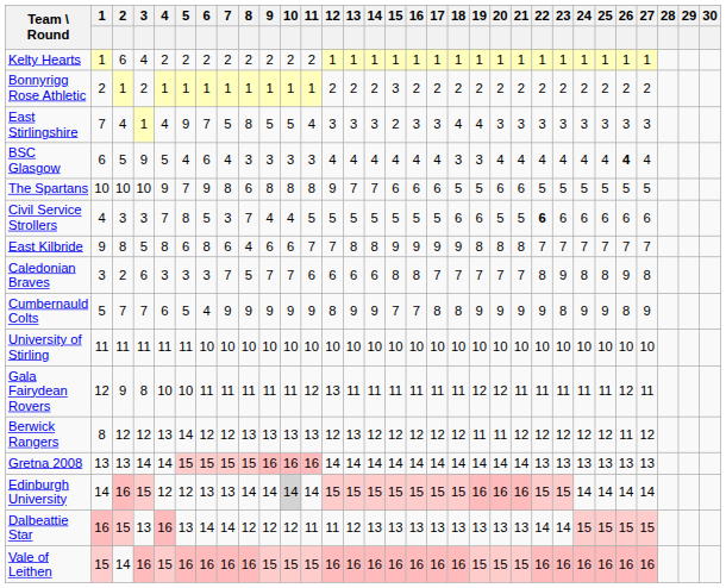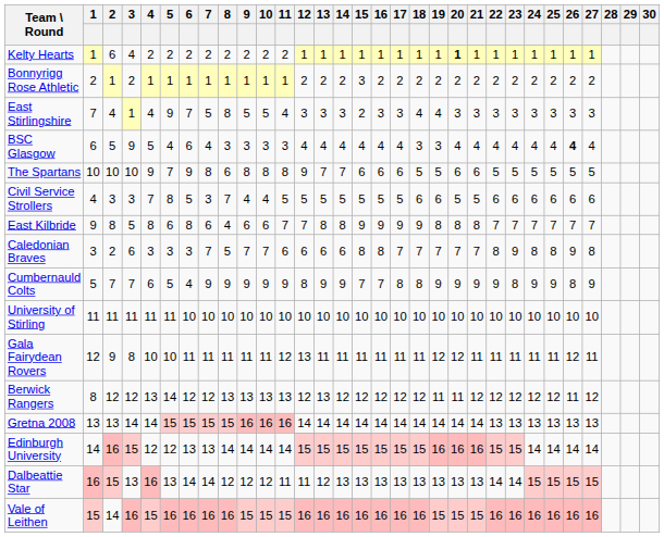 <table class="wikitable sortable" style="font-size: 100%; text-align:center;">
 <tr>
 <th rowspan="2">Team \ Round</th>
 <th align=center>1</th>
 <th align=center>2</th>
 <th align=center>3</th>
 <th align=center>4</th>
 <th align=center>5</th>
 <th align=center>6</th>
 <th align=center>7</th>
 <th align=center>8</th>
 <th align=center>9</th>
 <th align=center>10</th>
 <th align=center>11</th>
 <th align=center>12</th>
 <th align=center>13</th>
 <th align=center>14</th>
 <th align=center>15</th>
 <th align=center>16</th>
 <th align=center>17</th>
 <th align=center>18</th>
 <th align=center>19</th>
 <th align=center>20</th>
 <th align=center>21</th>
 <th align=center>22</th>
 <th align=center>23</th>
 <th align=center>24</th>
 <th align=center>25</th>
 <th align=center>26</th>
 <th align=center>27</th>
 <th align=center>28</th>
 <th align=center>29</th>
 <th align=center>30</th>
 </tr>
 <tr>
 <th style="text-align:center; height:20px;"></th>
 <th align=center></th>
 <th align=center></th>
 <th align=center></th>
 <th align=center></th>
 <th align=center></th>
 <th align=center></th>
 <th align=center></th>
 <th align=center></th>
 <th align=center></th>
 <th align=center></th>
 <th align=center></th>
 <th align=center></th>
 <th align=center></th>
 <th align=center></th>
 <th align=center></th>
 <th align=center></th>
 <th align=center></th>
 <th align=center></th>
 <th align=center></th>
 <th align=center></th>
 <th align=center></th>
 <th align=center></th>
 <th align=center></th>
 <th align=center></th>
 <th align=center></th>
 <th align=center></th>
 <th align=center></th>
 <th align=center></th>
 <th align=center></th>
 </tr>
 <tr align="center">
 <td align="left"><a href='#'>Kelty Hearts</a></td>
 <td style="background:#FFFFBB">1</td>
 <td>6</td>
 <td>4</td>
 <td>2</td>
 <td>2</td>
 <td>2</td>
 <td>2</td>
 <td>2</td>
 <td>2</td>
 <td>2</td>
 <td>2</td>
 <td style="background:#FFFFBB">1</td>
 <td style="background:#FFFFBB">1</td>
 <td style="background:#FFFFBB">1</td>
 <td style="background:#FFFFBB">1</td>
 <td style="background:#FFFFBB">1</td>
 <td style="background:#FFFFBB">1</td>
 <td style="background:#FFFFBB">1</td>
 <td style="background:#FFFFBB">1</td>
-<td style="background:#FFFFBB">1</td>
+<td style="background:#FFFFBB"><strong>1</strong></td>
 <td style="background:#FFFFBB">1</td>
 <td style="background:#FFFFBB">1</td>
 <td style="background:#FFFFBB">1</td>
 <td style="background:#FFFFBB">1</td>
 <td style="background:#FFFFBB">1</td>
 <td style="background:#FFFFBB">1</td>
 <td style="background:#FFFFBB">1</td>
 <td></td>
 <td></td>
 <td></td>
 </tr>
 <tr align="center">
 <td align="left"><a href='#'>Bonnyrigg Rose Athletic</a></td>
 <td>2</td>
 <td style="background:#FFFFBB">1</td>
 <td>2</td>
 <td style="background:#FFFFBB">1</td>
 <td style="background:#FFFFBB">1</td>
 <td style="background:#FFFFBB">1</td>
 <td style="background:#FFFFBB">1</td>
 <td style="background:#FFFFBB">1</td>
 <td style="background:#FFFFBB">1</td>
 <td style="background:#FFFFBB">1</td>
 <td style="background:#FFFFBB">1</td>
 <td>2</td>
 <td>2</td>
 <td>2</td>
 <td>3</td>
 <td>2</td>
 <td>2</td>
 <td>2</td>
 <td>2</td>
 <td>2</td>
 <td>2</td>
 <td>2</td>
 <td>2</td>
 <td>2</td>
 <td>2</td>
 <td>2</td>
 <td>2</td>
 <td></td>
 <td></td>
 <td></td>
 </tr>
 <tr align="center">
 <td align="left"><a href='#'>East Stirlingshire</a></td>
 <td>7</td>
 <td>4</td>
 <td style="background:#FFFFBB">1</td>
 <td>4</td>
 <td>9</td>
 <td>7</td>
 <td>5</td>
 <td>8</td>
 <td>5</td>
 <td>5</td>
 <td>4</td>
 <td>3</td>
 <td>3</td>
 <td>3</td>
 <td>2</td>
 <td>3</td>
 <td>3</td>
 <td>4</td>
 <td>4</td>
 <td>3</td>
 <td>3</td>
 <td>3</td>
 <td>3</td>
 <td>3</td>
 <td>3</td>
 <td>3</td>
 <td>3</td>
 <td></td>
 <td></td>
 <td></td>
 </tr>
 <tr align="center">
 <td align="left"><a href='#'>BSC Glasgow</a></td>
 <td>6</td>
 <td>5</td>
 <td>9</td>
 <td>5</td>
 <td>4</td>
 <td>6</td>
 <td>4</td>
 <td>3</td>
 <td>3</td>
 <td>3</td>
 <td>3</td>
 <td>4</td>
 <td>4</td>
 <td>4</td>
 <td>4</td>
 <td>4</td>
 <td>4</td>
 <td>3</td>
 <td>3</td>
 <td>4</td>
 <td>4</td>
 <td>4</td>
 <td>4</td>
 <td>4</td>
 <td>4</td>
 <td><strong>4</strong></td>
 <td>4</td>
 <td></td>
 <td></td>
 <td></td>
 </tr>
 <tr align="center">
 <td align="left"><a href='#'>The Spartans</a></td>
 <td>10</td>
 <td>10</td>
 <td>10</td>
 <td>9</td>
 <td>7</td>
 <td>9</td>
 <td>8</td>
 <td>6</td>
 <td>8</td>
 <td>8</td>
 <td>8</td>
 <td>9</td>
 <td>7</td>
 <td>7</td>
 <td>6</td>
 <td>6</td>
 <td>6</td>
 <td>5</td>
 <td>5</td>
 <td>6</td>
 <td>6</td>
 <td>5</td>
 <td>5</td>
 <td>5</td>
 <td>5</td>
 <td>5</td>
 <td>5</td>
 <td></td>
 <td></td>
 <td></td>
 </tr>
 <tr align="center">
 <td align="left"><a href='#'>Civil Service Strollers</a></td>
 <td>4</td>
 <td>3</td>
 <td>3</td>
 <td>7</td>
 <td>8</td>
 <td>5</td>
 <td>3</td>
 <td>7</td>
 <td>4</td>
 <td>4</td>
 <td>5</td>
 <td>5</td>
 <td>5</td>
 <td>5</td>
 <td>5</td>
 <td>5</td>
 <td>5</td>
 <td>6</td>
 <td>6</td>
 <td>5</td>
 <td>5</td>
-<td><strong>6</strong></td>
+<td>6</td>
 <td>6</td>
 <td>6</td>
 <td>6</td>
 <td>6</td>
 <td>6</td>
 <td></td>
 <td></td>
 <td></td>
 </tr>
 <tr align="center">
 <td align="left"><a href='#'>East Kilbride</a></td>
 <td>9</td>
 <td>8</td>
 <td>5</td>
 <td>8</td>
 <td>6</td>
 <td>8</td>
 <td>6</td>
 <td>4</td>
 <td>6</td>
 <td>6</td>
 <td>7</td>
 <td>7</td>
 <td>8</td>
 <td>8</td>
 <td>9</td>
 <td>9</td>
 <td>9</td>
 <td>9</td>
 <td>8</td>
 <td>8</td>
 <td>8</td>
 <td>7</td>
 <td>7</td>
 <td>7</td>
 <td>7</td>
 <td>7</td>
 <td>7</td>
 <td></td>
 <td></td>
 <td></td>
 </tr>
 <tr align="center">
 <td align="left"><a href='#'>Caledonian Braves</a></td>
 <td>3</td>
 <td>2</td>
 <td>6</td>
 <td>3</td>
 <td>3</td>
 <td>3</td>
 <td>7</td>
 <td>5</td>
 <td>7</td>
 <td>7</td>
 <td>6</td>
 <td>6</td>
 <td>6</td>
 <td>6</td>
 <td>8</td>
 <td>8</td>
 <td>7</td>
 <td>7</td>
 <td>7</td>
 <td>7</td>
 <td>7</td>
 <td>8</td>
 <td>9</td>
 <td>8</td>
 <td>8</td>
 <td>9</td>
 <td>8</td>
 <td></td>
 <td></td>
 <td></td>
 </tr>
 <tr align="center">
 <td align="left"><a href='#'>Cumbernauld Colts</a></td>
 <td>5</td>
 <td>7</td>
 <td>7</td>
 <td>6</td>
 <td>5</td>
 <td>4</td>
 <td>9</td>
 <td>9</td>
 <td>9</td>
 <td>9</td>
 <td>9</td>
 <td>8</td>
 <td>9</td>
 <td>9</td>
 <td>7</td>
 <td>7</td>
 <td>8</td>
 <td>8</td>
 <td>9</td>
 <td>9</td>
 <td>9</td>
 <td>9</td>
 <td>8</td>
 <td>9</td>
 <td>9</td>
 <td>8</td>
 <td>9</td>
 <td></td>
 <td></td>
 <td></td>
 </tr>
 <tr align=center>
 <td align=left><a href='#'>University of Stirling</a></td>
 <td>11</td>
 <td>11</td>
 <td>11</td>
 <td>11</td>
 <td>11</td>
 <td>10</td>
 <td>10</td>
 <td>10</td>
 <td>10</td>
 <td>10</td>
 <td>10</td>
 <td>10</td>
 <td>10</td>
 <td>10</td>
 <td>10</td>
 <td>10</td>
 <td>10</td>
 <td>10</td>
 <td>10</td>
 <td>10</td>
 <td>10</td>
 <td>10</td>
 <td>10</td>
 <td>10</td>
 <td>10</td>
 <td>10</td>
 <td>10</td>
 <td></td>
 <td></td>
 <td></td>
 </tr>
 <tr align="center">
 <td align="left"><a href='#'>Gala Fairydean Rovers</a></td>
 <td>12</td>
 <td>9</td>
 <td>8</td>
 <td>10</td>
 <td>10</td>
 <td>11</td>
 <td>11</td>
 <td>11</td>
 <td>11</td>
 <td>11</td>
 <td>12</td>
 <td>13</td>
 <td>11</td>
 <td>11</td>
 <td>11</td>
 <td>11</td>
 <td>11</td>
 <td>11</td>
 <td>12</td>
 <td>12</td>
 <td>11</td>
 <td>11</td>
 <td>11</td>
 <td>11</td>
 <td>11</td>
 <td>12</td>
 <td>11</td>
 <td></td>
 <td></td>
 <td></td>
 </tr>
 <tr align="center">
 <td align="left"><a href='#'>Berwick Rangers</a></td>
 <td>8</td>
 <td>12</td>
 <td>12</td>
 <td>13</td>
 <td>14</td>
 <td>12</td>
 <td>12</td>
 <td>13</td>
 <td>13</td>
 <td>13</td>
 <td>13</td>
 <td>12</td>
 <td>13</td>
 <td>12</td>
 <td>12</td>
 <td>12</td>
 <td>12</td>
 <td>12</td>
 <td>11</td>
 <td>11</td>
 <td>12</td>
 <td>12</td>
 <td>12</td>
 <td>12</td>
 <td>12</td>
 <td>11</td>
 <td>12</td>
 <td></td>
 <td></td>
 <td></td>
 </tr>
 <tr align="center">
 <td align="left"><a href='#'>Gretna 2008</a></td>
 <td>13</td>
 <td>13</td>
 <td>14</td>
 <td>14</td>
 <td style="background:#FFCCCC;">15</td>
 <td style="background:#FFCCCC;">15</td>
 <td style="background:#FFCCCC;">15</td>
 <td style="background:#FFCCCC;">15</td>
 <td style="background:#FFBBBB;">16</td>
 <td style="background:#FFBBBB;">16</td>
 <td style="background:#FFBBBB;">16</td>
 <td>14</td>
 <td>14</td>
 <td>14</td>
 <td>14</td>
 <td>14</td>
 <td>14</td>
 <td>14</td>
 <td>14</td>
 <td>14</td>
 <td>14</td>
 <td>13</td>
 <td>13</td>
 <td>13</td>
 <td>13</td>
 <td>13</td>
 <td>13</td>
 <td></td>
 <td></td>
 <td></td>
 </tr>
 <tr align="center">
 <td align="left"><a href='#'>Edinburgh University</a></td>
 <td>14</td>
 <td style="background:#FFBBBB;">16</td>
 <td style="background:#FFCCCC;">15</td>
 <td>12</td>
 <td>12</td>
 <td>13</td>
 <td>13</td>
 <td>14</td>
 <td>14</td>
-<td style="background: lightgrey;">14</td>
+<td>14</td>
 <td>14</td>
 <td style="background:#FFCCCC;">15</td>
 <td style="background:#FFCCCC;">15</td>
 <td style="background:#FFCCCC;">15</td>
 <td style="background:#FFCCCC;">15</td>
 <td style="background:#FFCCCC;">15</td>
 <td style="background:#FFCCCC;">15</td>
 <td style="background:#FFCCCC;">15</td>
 <td style="background:#FFBBBB;">16</td>
 <td style="background:#FFBBBB;">16</td>
 <td style="background:#FFBBBB;">16</td>
 <td style="background:#FFCCCC;">15</td>
 <td style="background:#FFCCCC;">15</td>
 <td>14</td>
 <td>14</td>
 <td>14</td>
 <td>14</td>
 <td></td>
 <td></td>
 <td></td>
 </tr>
 <tr align="center">
 <td align="left"><a href='#'>Dalbeattie Star</a></td>
 <td style="background:#FFBBBB;">16</td>
 <td style="background:#FFCCCC;">15</td>
 <td>13</td>
 <td style="background:#FFBBBB;">16</td>
 <td>13</td>
 <td>14</td>
 <td>14</td>
 <td>12</td>
 <td>12</td>
 <td>12</td>
 <td>11</td>
 <td>11</td>
 <td>12</td>
 <td>13</td>
 <td>13</td>
 <td>13</td>
 <td>13</td>
 <td>13</td>
 <td>13</td>
 <td>13</td>
 <td>13</td>
 <td>14</td>
 <td>14</td>
 <td style="background:#FFCCCC;">15</td>
 <td style="background:#FFCCCC;">15</td>
 <td style="background:#FFCCCC;">15</td>
 <td style="background:#FFCCCC;">15</td>
 <td></td>
 <td></td>
 <td></td>
 </tr>
 <tr align="center">
 <td align="left"><a href='#'>Vale of Leithen</a></td>
 <td style="background:#FFCCCC;">15</td>
 <td>14</td>
 <td style="background:#FFBBBB;">16</td>
 <td style="background:#FFCCCC;">15</td>
 <td style="background:#FFBBBB;">16</td>
 <td style="background:#FFBBBB;">16</td>
 <td style="background:#FFBBBB;">16</td>
 <td style="background:#FFBBBB;">16</td>
 <td style="background:#FFCCCC;">15</td>
 <td style="background:#FFCCCC;">15</td>
 <td style="background:#FFCCCC;">15</td>
 <td style="background:#FFBBBB;">16</td>
 <td style="background:#FFBBBB;">16</td>
 <td style="background:#FFBBBB;">16</td>
 <td style="background:#FFBBBB;">16</td>
 <td style="background:#FFBBBB;">16</td>
 <td style="background:#FFBBBB;">16</td>
 <td style="background:#FFBBBB;">16</td>
 <td style="background:#FFCCCC;">15</td>
 <td style="background:#FFCCCC;">15</td>
 <td style="background:#FFCCCC;">15</td>
 <td style="background:#FFBBBB;">16</td>
 <td style="background:#FFBBBB;">16</td>
 <td style="background:#FFBBBB;">16</td>
 <td style="background:#FFBBBB;">16</td>
 <td style="background:#FFBBBB;">16</td>
 <td style="background:#FFBBBB;">16</td>
 <td></td>
 <td></td>
 <td></td>
 </tr>
 </table>
